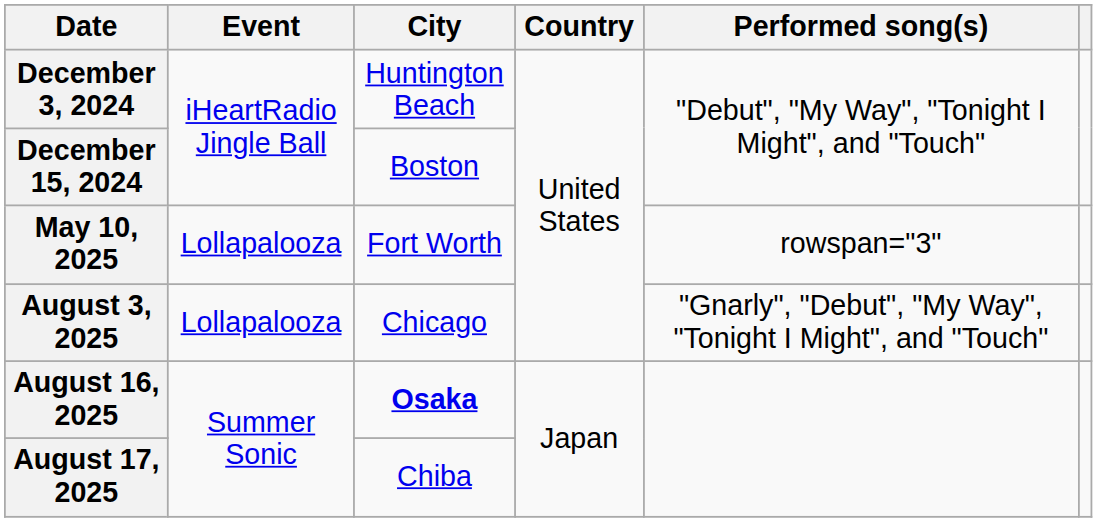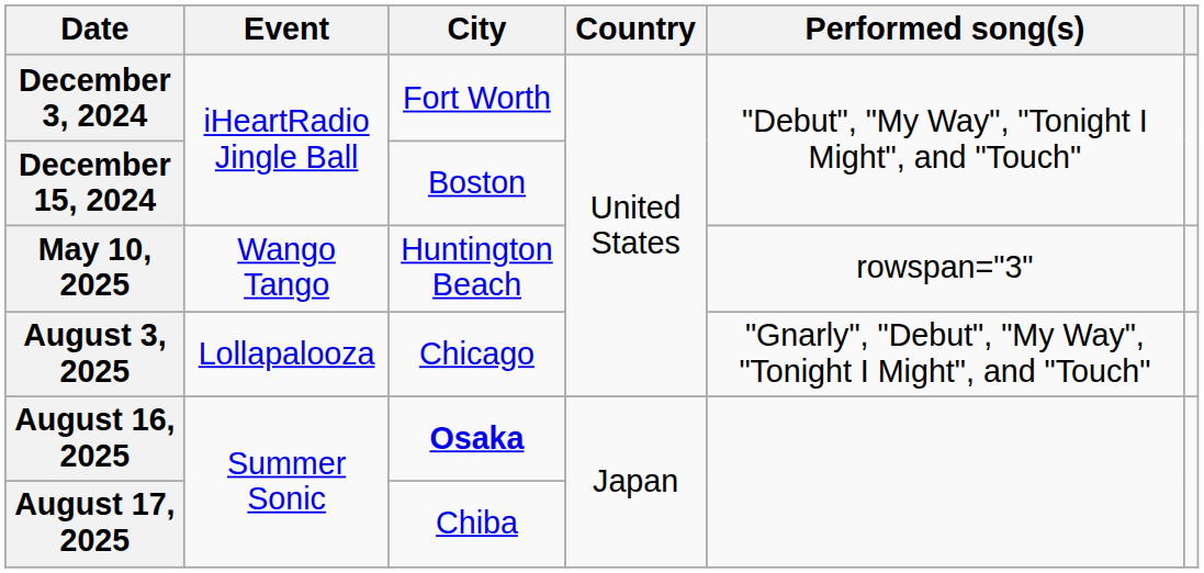 <table class="wikitable plainrowheaders sortable" style="text-align:center">
 <tr>
 <th scope="col" style="width:15%">Date</th>
 <th scope="col">Event</th>
 <th scope="col">City</th>
 <th scope="col">Country</th>
 <th scope="col" style="width:40%">Performed song(s)</th>
 <th scope="col" class="unsortable"></th>
 </tr>
 <tr>
 <th scope="row">December 3, 2024</th>
 <td rowspan="2"><a href='#'>iHeartRadio Jingle Ball</a></td>
-<td><a href='#'>Huntington Beach</a></td>
+<td><a href='#'>Fort Worth</a></td>
 <td rowspan="4">United States</td>
 <td rowspan="2">"Debut", "My Way", "Tonight I Might", and "Touch"</td>
 <td rowspan="2"></td>
 </tr>
 <tr>
 <th scope="row">December 15, 2024</th>
 <td><a href='#'>Boston</a></td>
 </tr>
 <tr>
 <th scope="row">May 10, 2025</th>
-<td><a href='#'>Lollapalooza</a></td>
-<td><a href='#'>Fort Worth</a></td>
+<td><a href='#'>Wango Tango</a></td>
+<td><a href='#'>Huntington Beach</a></td>
 <td>rowspan="3" </td>
 <td></td>
 </tr>
 <tr>
 <th scope="row">August 3, 2025</th>
 <td><a href='#'>Lollapalooza</a></td>
 <td><a href='#'>Chicago</a></td>
 <td>"Gnarly", "Debut", "My Way", "Tonight I Might", and "Touch"</td>
 <td></td>
 </tr>
 <tr>
 <th scope="row">August 16, 2025</th>
 <td rowspan="2"><a href='#'>Summer Sonic</a></td>
 <td><strong><a href='#'>Osaka</a></strong></td>
 <td rowspan="2">Japan</td>
 <td rowspan="2"></td>
 </tr>
 <tr>
 <th scope="row">August 17, 2025</th>
 <td><a href='#'>Chiba</a></td>
 </tr>
 </table>
